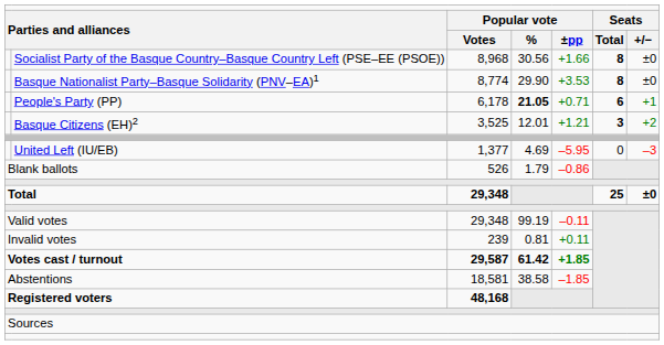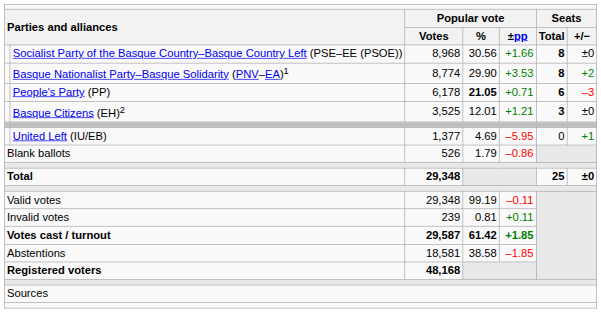 <table class="wikitable" style="text-align:right;">
 <tr>
 <td colspan="7"></td>
 </tr>
 <tr>
 <th style="text-align:left;" rowspan="2" colspan="2" width="525">Parties and alliances</th>
 <th colspan="3">Popular vote</th>
 <th colspan="2">Seats</th>
 </tr>
 <tr>
 <th width="75">Votes</th>
 <th width="45">%</th>
 <th width="45">±<a href='#'>pp</a></th>
 <th width="35">Total</th>
 <th width="35">+/−</th>
 </tr>
 <tr>
 <td width="1" style="color:inherit;background:"></td>
 <td align="left"><a href='#'>Socialist Party of the Basque Country–Basque Country Left</a> (PSE–EE (PSOE))</td>
 <td>8,968</td>
 <td>30.56</td>
 <td style="color:green;">+1.66</td>
 <td><strong>8</strong></td>
 <td>±0</td>
 </tr>
 <tr>
 <td style="color:inherit;background:"></td>
 <td align="left"><a href='#'>Basque Nationalist Party–Basque Solidarity</a> (<a href='#'>PNV</a>–<a href='#'>EA</a>)<sup>1</sup></td>
 <td>8,774</td>
 <td>29.90</td>
 <td style="color:green;">+3.53</td>
 <td><strong>8</strong></td>
-<td>±0</td>
+<td style="color:green;">+2</td>
 </tr>
 <tr>
 <td style="color:inherit;background:"></td>
 <td align="left"><a href='#'>People's Party</a> (PP)</td>
 <td>6,178</td>
 <td><strong>21.05</strong></td>
 <td style="color:green;">+0.71</td>
 <td><strong>6</strong></td>
-<td style="color:green;">+1</td>
+<td style="color:red;">–3</td>
 </tr>
 <tr>
 <td style="color:inherit;background:"></td>
 <td align="left"><a href='#'>Basque Citizens</a> (EH)<sup>2</sup></td>
 <td>3,525</td>
 <td>12.01</td>
 <td style="color:green;">+1.21</td>
 <td><strong>3</strong></td>
-<td style="color:green;">+2</td>
+<td>±0</td>
 </tr>
 <tr>
 <td colspan="7" style="color:inherit;background:#C0C0C0"></td>
 </tr>
 <tr>
 <td style="color:inherit;background:"></td>
 <td align="left"><a href='#'>United Left</a> (IU/EB)</td>
 <td>1,377</td>
 <td>4.69</td>
 <td style="color:red;">–5.95</td>
 <td>0</td>
-<td style="color:red;">–3</td>
+<td style="color:green;">+1</td>
 </tr>
 <tr>
 <td align="left" colspan="2">Blank ballots</td>
 <td>526</td>
 <td>1.79</td>
 <td style="color:red;">–0.86</td>
 <td style="color:inherit;background:#E9E9E9" colspan="2"></td>
 </tr>
 <tr>
 <td colspan="7" style="color:inherit;background:#E9E9E9"></td>
 </tr>
 <tr style="font-weight:bold;">
 <td align="left" colspan="2">Total</td>
 <td>29,348</td>
 <td bgcolor="#E9E9E9" colspan="2"></td>
 <td>25</td>
 <td>±0</td>
 </tr>
 <tr>
 <td colspan="7" style="color:inherit;background:#E9E9E9"></td>
 </tr>
 <tr>
 <td align="left" colspan="2">Valid votes</td>
 <td>29,348</td>
 <td>99.19</td>
 <td style="color:red;">–0.11</td>
 <td bgcolor="#E9E9E9" colspan="2" rowspan="5"></td>
 </tr>
 <tr>
 <td align="left" colspan="2">Invalid votes</td>
 <td>239</td>
 <td>0.81</td>
 <td style="color:green;">+0.11</td>
 </tr>
 <tr style="font-weight:bold;">
 <td align="left" colspan="2">Votes cast / turnout</td>
 <td>29,587</td>
 <td>61.42</td>
 <td style="color:green;">+1.85</td>
 </tr>
 <tr>
 <td align="left" colspan="2">Abstentions</td>
 <td>18,581</td>
 <td>38.58</td>
 <td style="color:red;">–1.85</td>
 </tr>
 <tr style="font-weight:bold;">
 <td align="left" colspan="2">Registered voters</td>
 <td>48,168</td>
 <td bgcolor="#E9E9E9" colspan="2"></td>
 </tr>
 <tr>
 <td colspan="7" style="color:inherit;background:#E9E9E9"></td>
 </tr>
 <tr>
 <td align="left" colspan="7">Sources</td>
 </tr>
 <tr>
 <td colspan="7" style="text-align:left; max-width:790px;"></td>
 </tr>
 </table>
